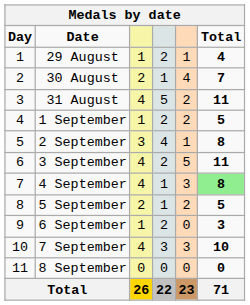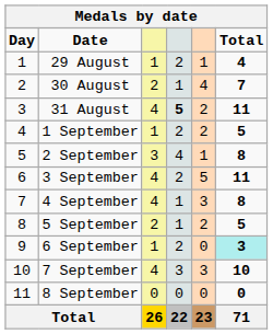 <table class="wikitable" style="font-size:85%; float:right; text-align:center">
 <tr style="background:#efefef;">
 <th colspan=6>Medals by date</th>
 </tr>
 <tr>
 <td><strong>Day</strong></td>
 <td><strong>Date</strong></td>
 <td bgcolor=#f7f6a8></td>
 <td bgcolor=#dce5e5></td>
 <td bgcolor=#ffdab9></td>
 <td><strong>Total</strong></td>
 </tr>
 <tr>
 <td>1</td>
 <td>29 August</td>
 <td bgcolor=F7F6A8>1</td>
 <td bgcolor=DCE5E5>2</td>
 <td bgcolor=FFDAB9>1</td>
 <td><strong>4</strong></td>
 </tr>
 <tr>
 <td>2</td>
 <td>30 August</td>
 <td bgcolor=F7F6A8>2</td>
 <td bgcolor=DCE5E5>1</td>
 <td bgcolor=FFDAB9>4</td>
 <td><strong>7</strong></td>
 </tr>
 <tr>
 <td>3</td>
 <td>31 August</td>
 <td bgcolor=F7F6A8>4</td>
-<td bgcolor=DCE5E5>5</td>
+<td bgcolor=DCE5E5><strong>5</strong></td>
 <td bgcolor=FFDAB9>2</td>
 <td><strong>11</strong></td>
 </tr>
 <tr>
 <td>4</td>
 <td>1 September</td>
 <td bgcolor=F7F6A8>1</td>
 <td bgcolor=DCE5E5>2</td>
 <td bgcolor=FFDAB9>2</td>
 <td><strong>5</strong></td>
 </tr>
 <tr>
 <td>5</td>
 <td>2 September</td>
 <td bgcolor=F7F6A8>3</td>
 <td bgcolor=DCE5E5>4</td>
 <td bgcolor=FFDAB9>1</td>
 <td><strong>8</strong></td>
 </tr>
 <tr>
 <td>6</td>
 <td>3 September</td>
 <td bgcolor=F7F6A8>4</td>
 <td bgcolor=DCE5E5>2</td>
 <td bgcolor=FFDAB9>5</td>
 <td><strong>11</strong></td>
 </tr>
 <tr>
 <td>7</td>
 <td>4 September</td>
 <td bgcolor=F7F6A8>4</td>
 <td bgcolor=DCE5E5>1</td>
 <td bgcolor=FFDAB9>3</td>
-<td style="background: lightgreen;"><strong>8</strong></td>
+<td><strong>8</strong></td>
 </tr>
 <tr>
 <td>8</td>
 <td>5 September</td>
 <td bgcolor=F7F6A8>2</td>
 <td bgcolor=DCE5E5>1</td>
 <td bgcolor=FFDAB9>2</td>
 <td><strong>5</strong></td>
 </tr>
 <tr>
 <td>9</td>
 <td>6 September</td>
 <td bgcolor=F7F6A8>1</td>
 <td bgcolor=DCE5E5>2</td>
 <td bgcolor=FFDAB9>0</td>
-<td><strong>3</strong></td>
+<td style="background: paleturquoise;"><strong>3</strong></td>
 </tr>
 <tr>
 <td>10</td>
 <td>7 September</td>
 <td bgcolor=F7F6A8>4</td>
 <td bgcolor=DCE5E5>3</td>
 <td bgcolor=FFDAB9>3</td>
 <td><strong>10</strong></td>
 </tr>
 <tr>
 <td>11</td>
 <td>8 September</td>
 <td bgcolor=F7F6A8>0</td>
 <td bgcolor=DCE5E5>0</td>
 <td bgcolor=FFDAB9>0</td>
 <td><strong>0</strong></td>
 </tr>
 <tr>
 <th colspan=2>Total</th>
 <th style="background:gold">26</th>
 <th style="background:silver">22</th>
 <th style="background:#c96">23</th>
 <th>71</th>
 </tr>
 </table>
